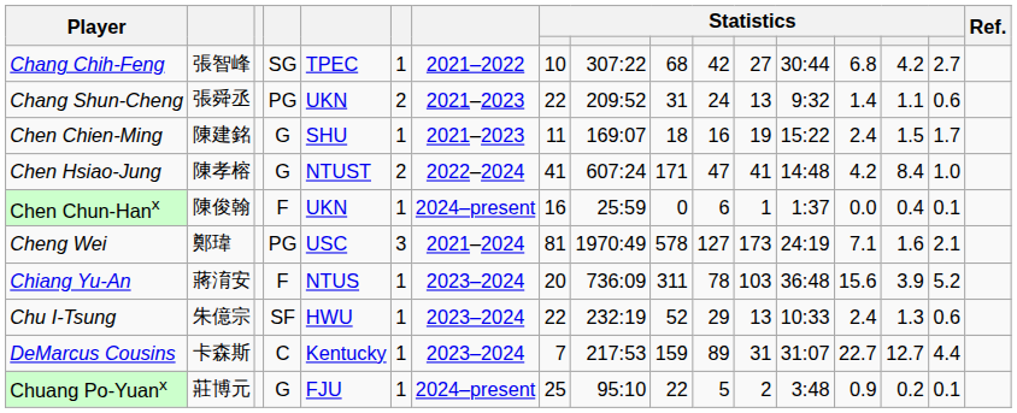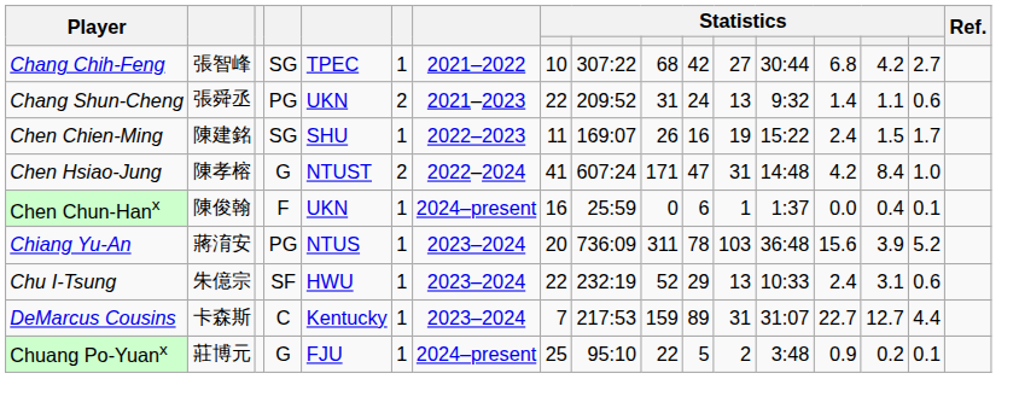 <table class="wikitable sortable" style="font-size:95%; text-align:right;">
 <tr>
 <th rowspan="2">Player</th>
 <th rowspan="2"></th>
 <th rowspan="2"></th>
 <th rowspan="2"></th>
 <th rowspan="2"></th>
 <th rowspan="2"></th>
 <th rowspan="2"></th>
 <th colspan="9">Statistics</th>
 <th rowspan="2">Ref.</th>
 </tr>
 <tr>
 <th></th>
 <th></th>
 <th></th>
 <th></th>
 <th></th>
 <th></th>
 <th></th>
 <th></th>
 <th></th>
 </tr>
 <tr>
 <td align="left"><em><a href='#'>Chang Chih-Feng</a></em></td>
 <td align="left">張智峰</td>
 <td align="center"></td>
 <td align="center">SG</td>
 <td align="left"><a href='#'>TPEC</a></td>
 <td align="center">1</td>
 <td align="center"><a href='#'>2021–2022</a></td>
 <td>10</td>
 <td>307:22</td>
 <td>68</td>
 <td>42</td>
 <td>27</td>
 <td>30:44</td>
 <td>6.8</td>
 <td>4.2</td>
 <td>2.7</td>
 <td align="center"></td>
 </tr>
 <tr>
 <td align="left"><em>Chang Shun-Cheng</em></td>
 <td align="left">張舜丞</td>
 <td align="center"></td>
 <td align="center">PG</td>
 <td align="left"><a href='#'>UKN</a></td>
 <td align="center">2</td>
 <td align="center"><a href='#'>2021</a>–<a href='#'>2023</a></td>
 <td>22</td>
 <td>209:52</td>
 <td>31</td>
 <td>24</td>
 <td>13</td>
 <td>9:32</td>
 <td>1.4</td>
 <td>1.1</td>
 <td>0.6</td>
 <td align="center"></td>
 </tr>
 <tr>
 <td align="left"><em>Chen Chien-Ming</em></td>
 <td align="left">陳建銘</td>
 <td align="center"></td>
-<td align="center">G</td>
+<td align="center">SG</td>
 <td align="left"><a href='#'>SHU</a></td>
 <td align="center">1</td>
-<td align="center"><a href='#'>2021</a>–<a href='#'>2023</a></td>
+<td align="center"><a href='#'>2022–2023</a></td>
 <td>11</td>
 <td>169:07</td>
-<td>18</td>
+<td>26</td>
 <td>16</td>
 <td>19</td>
 <td>15:22</td>
 <td>2.4</td>
 <td>1.5</td>
 <td>1.7</td>
 <td align="center"></td>
 </tr>
 <tr>
 <td align="left"><em>Chen Hsiao-Jung</em></td>
 <td align="left">陳孝榕</td>
 <td align="center"></td>
 <td align="center">G</td>
 <td align="left"><a href='#'>NTUST</a></td>
 <td align="center">2</td>
 <td align="center"><a href='#'>2022</a>–<a href='#'>2024</a></td>
 <td>41</td>
 <td>607:24</td>
 <td>171</td>
 <td>47</td>
-<td>41</td>
+<td>31</td>
 <td>14:48</td>
 <td>4.2</td>
 <td>8.4</td>
 <td>1.0</td>
 <td align="center"></td>
 </tr>
 <tr>
 <td align="left" bgcolor="#CCFFCC">Chen Chun-Han<sup>x</sup></td>
 <td align="left">陳俊翰</td>
 <td align="center"></td>
 <td align="center">F</td>
 <td align="left"><a href='#'>UKN</a></td>
 <td align="center">1</td>
 <td align="center"><a href='#'>2024–present</a></td>
 <td>16</td>
 <td>25:59</td>
 <td>0</td>
 <td>6</td>
 <td>1</td>
 <td>1:37</td>
 <td>0.0</td>
 <td>0.4</td>
 <td>0.1</td>
 <td align="center"></td>
 </tr>
 <tr>
-<td align="left"><em>Cheng Wei</em></td>
-<td align="left">鄭瑋</td>
-<td align="center"></td>
-<td align="center">PG</td>
-<td align="left"><a href='#'>USC</a></td>
-<td align="center">3</td>
-<td align="center"><a href='#'>2021</a>–<a href='#'>2024</a></td>
-<td>81</td>
-<td>1970:49</td>
-<td>578</td>
-<td>127</td>
-<td>173</td>
-<td>24:19</td>
-<td>7.1</td>
-<td>1.6</td>
-<td>2.1</td>
-<td align="center"></td>
-</tr>
-<tr>
 <td align="left"><em><a href='#'>Chiang Yu-An</a></em></td>
 <td align="left">蔣淯安</td>
 <td align="center"></td>
-<td align="center">F</td>
+<td align="center">PG</td>
 <td align="left"><a href='#'>NTUS</a></td>
 <td align="center">1</td>
 <td align="center"><a href='#'>2023–2024</a></td>
 <td>20</td>
 <td>736:09</td>
 <td>311</td>
 <td>78</td>
 <td>103</td>
 <td>36:48</td>
 <td>15.6</td>
 <td>3.9</td>
 <td>5.2</td>
 <td align="center"></td>
 </tr>
 <tr>
 <td align="left"><em>Chu I-Tsung</em></td>
 <td align="left">朱億宗</td>
 <td align="center"></td>
 <td align="center">SF</td>
 <td align="left"><a href='#'>HWU</a></td>
 <td align="center">1</td>
 <td align="center"><a href='#'>2023–2024</a></td>
 <td>22</td>
 <td>232:19</td>
 <td>52</td>
 <td>29</td>
 <td>13</td>
 <td>10:33</td>
 <td>2.4</td>
-<td>1.3</td>
+<td>3.1</td>
 <td>0.6</td>
 <td align="center"></td>
 </tr>
 <tr>
 <td align="left"><em><a href='#'>DeMarcus Cousins</a></em></td>
 <td align="left">卡森斯</td>
 <td align="center"></td>
 <td align="center">C</td>
 <td align="left"><a href='#'>Kentucky</a></td>
 <td align="center">1</td>
 <td align="center"><a href='#'>2023–2024</a></td>
 <td>7</td>
 <td>217:53</td>
 <td>159</td>
 <td>89</td>
 <td>31</td>
 <td>31:07</td>
 <td>22.7</td>
 <td>12.7</td>
 <td>4.4</td>
 <td align="center"></td>
 </tr>
 <tr>
 <td align="left" bgcolor="#CCFFCC">Chuang Po-Yuan<sup>x</sup></td>
 <td align="left">莊博元</td>
 <td align="center"></td>
 <td align="center">G</td>
 <td align="left"><a href='#'>FJU</a></td>
 <td align="center">1</td>
 <td align="center"><a href='#'>2024–present</a></td>
 <td>25</td>
 <td>95:10</td>
 <td>22</td>
 <td>5</td>
 <td>2</td>
 <td>3:48</td>
 <td>0.9</td>
 <td>0.2</td>
 <td>0.1</td>
 <td align="center"></td>
 </tr>
 </table>
